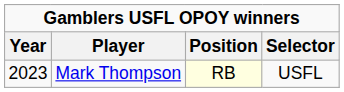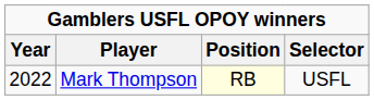 <table class="wikitable" style="text-align:center">
 <tr>
 <td colspan="4" align="center"><strong>Gamblers USFL OPOY winners</strong></td>
 </tr>
 <tr>
 <th>Year</th>
 <th>Player</th>
 <th>Position</th>
 <th>Selector</th>
 </tr>
 <tr>
-<td>2023</td>
+<td>2022</td>
 <td><a href='#'>Mark Thompson</a></td>
 <td style="background: lightyellow;">RB</td>
 <td>USFL</td>
 </tr>
 </table>
